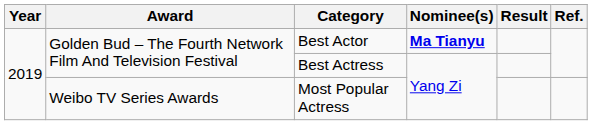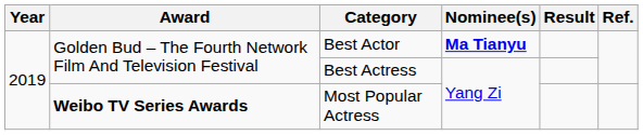 <table class="wikitable">
 <tr>
 <th>Year</th>
 <th>Award</th>
 <th>Category</th>
 <th>Nominee(s)</th>
 <th>Result</th>
 <th>Ref.</th>
 </tr>
 <tr>
 <td rowspan=3>2019</td>
 <td rowspan=2>Golden Bud – The Fourth Network Film And Television Festival</td>
 <td>Best Actor</td>
 <td><strong><a href='#'>Ma Tianyu</a></strong></td>
 <td></td>
 <td rowspan=2></td>
 </tr>
 <tr>
 <td>Best Actress</td>
 <td rowspan=2><a href='#'>Yang Zi</a></td>
 <td></td>
 </tr>
 <tr>
-<td>Weibo TV Series Awards</td>
+<td><strong>Weibo TV Series Awards</strong></td>
 <td>Most Popular Actress</td>
 <td></td>
 <td></td>
 </tr>
 </table>
